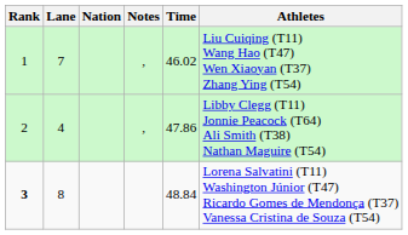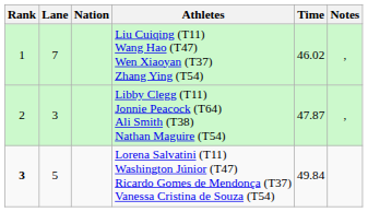 <table class="wikitable sortable" style="text-align:center">
 <tr>
 <th>Rank</th>
 <th>Lane</th>
 <th>Nation</th>
+<th>Athletes</th>
+<th>Time</th>
 <th>Notes</th>
-<th>Time</th>
-<th>Athletes</th>
 </tr>
 <tr bgcolor=ccf9cc>
 <td>1</td>
 <td>7</td>
 <td align="left"></td>
+<td align="left"><a href='#'>Liu Cuiqing</a> (T11)<br><a href='#'>Wang Hao</a> (T47)<br><a href='#'>Wen Xiaoyan</a> (T37)<br><a href='#'>Zhang Ying</a> (T54)</td>
+<td>46.02</td>
 <td>, <strong></strong></td>
-<td>46.02</td>
-<td align="left"><a href='#'>Liu Cuiqing</a> (T11)<br><a href='#'>Wang Hao</a> (T47)<br><a href='#'>Wen Xiaoyan</a> (T37)<br><a href='#'>Zhang Ying</a> (T54)</td>
 </tr>
 <tr bgcolor=ccf9cc>
 <td>2</td>
-<td>4</td>
+<td>3</td>
 <td align="left"></td>
+<td align="left"><a href='#'>Libby Clegg</a> (T11)<br><a href='#'>Jonnie Peacock</a> (T64)<br><a href='#'>Ali Smith</a> (T38)<br><a href='#'>Nathan Maguire</a> (T54)</td>
+<td>47.87</td>
 <td>, </td>
-<td>47.86</td>
-<td align="left"><a href='#'>Libby Clegg</a> (T11)<br><a href='#'>Jonnie Peacock</a> (T64)<br><a href='#'>Ali Smith</a> (T38)<br><a href='#'>Nathan Maguire</a> (T54)</td>
 </tr>
 <tr>
 <td><strong>3</strong></td>
-<td>8</td>
+<td>5</td>
 <td align="left"></td>
+<td align="left"><a href='#'>Lorena Salvatini</a> (T11)<br><a href='#'>Washington Júnior</a> (T47)<br><a href='#'>Ricardo Gomes de Mendonça</a> (T37)<br><a href='#'>Vanessa Cristina de Souza</a> (T54)</td>
+<td>49.84</td>
 <td></td>
-<td>48.84</td>
-<td align="left"><a href='#'>Lorena Salvatini</a> (T11)<br><a href='#'>Washington Júnior</a> (T47)<br><a href='#'>Ricardo Gomes de Mendonça</a> (T37)<br><a href='#'>Vanessa Cristina de Souza</a> (T54)</td>
 </tr>
 </table>
